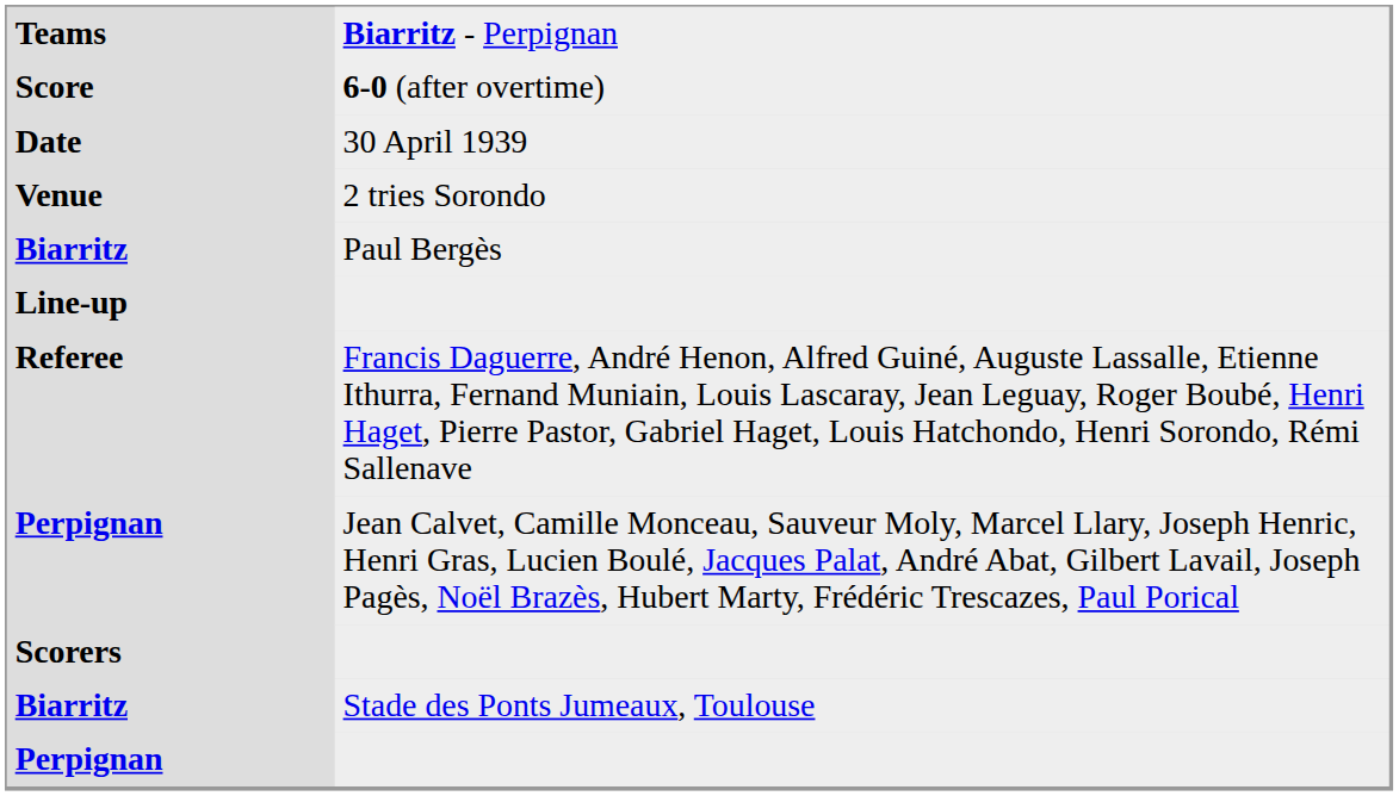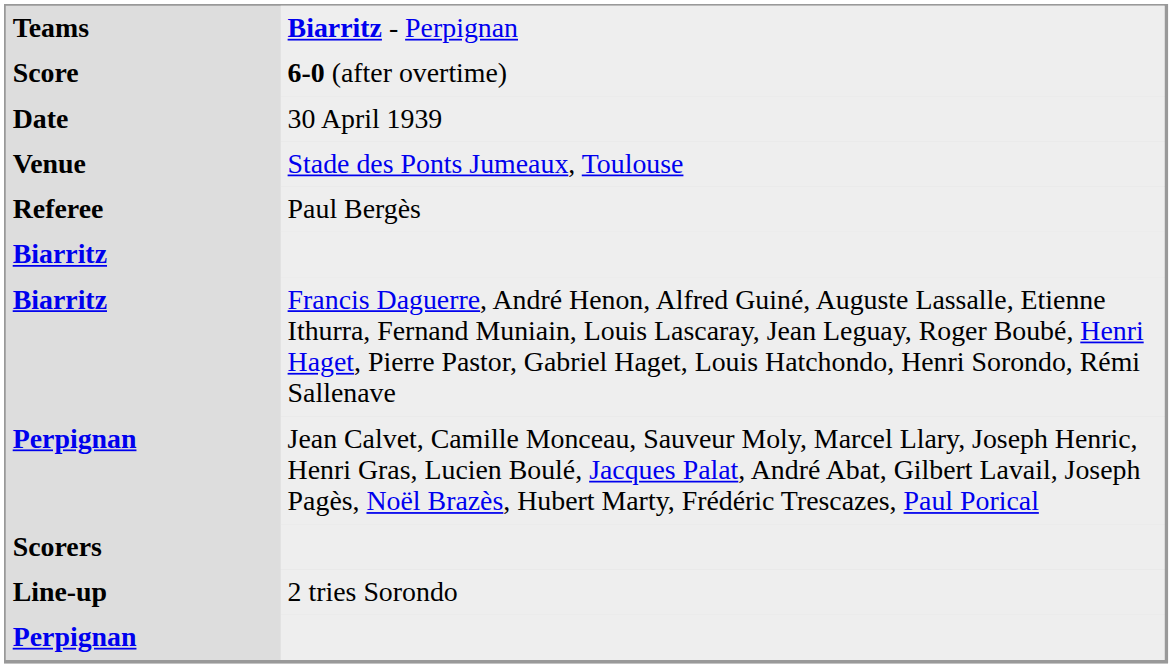 <table align="left" cellpadding="4" cellspacing="0"  style="margin: 0 0 0 0; border: 1px solid #999; border-right-width: 2px; border-bottom-width: 2px; background-color: #DDDDDD">
 <tr>
 <td width="150" valign="top"><strong>Teams</strong></td>
 <td width="500" bgcolor=#EEEEEE><strong><a href='#'>Biarritz</a> </strong> - <a href='#'>Perpignan</a></td>
 </tr>
 <tr>
 <td valign="top"><strong>Score</strong></td>
 <td bgcolor=#EEEEEE><strong>6-0</strong> (after overtime)</td>
 </tr>
 <tr>
 <td valign="top"><strong>Date</strong></td>
 <td bgcolor=#EEEEEE>30 April 1939</td>
 </tr>
 <tr>
 <td valign="top"><strong>Venue</strong></td>
-<td bgcolor=#EEEEEE>2 tries Sorondo</td>
+<td bgcolor=#EEEEEE><a href='#'>Stade des Ponts Jumeaux</a>, <a href='#'>Toulouse</a></td>
+</tr>
+<tr>
+<td valign="top"><strong>Referee</strong></td>
+<td bgcolor=#EEEEEE>Paul Bergès</td>
+</tr>
+<tr>
+<td valign="top"><strong><a href='#'>Biarritz</a>  </strong></td>
+<td bgcolor=#EEEEEE></td>
 </tr>
 <tr>
 <td valign="top"><strong><a href='#'>Biarritz</a> </strong></td>
-<td bgcolor=#EEEEEE>Paul Bergès</td>
-</tr>
-<tr>
-<td valign="top"><strong>Line-up</strong></td>
-<td bgcolor=#EEEEEE></td>
-</tr>
-<tr>
-<td valign="top"><strong>Referee</strong></td>
 <td bgcolor=#EEEEEE><a href='#'>Francis Daguerre</a>, André Henon, Alfred Guiné, Auguste Lassalle, Etienne Ithurra, Fernand Muniain, Louis Lascaray, Jean Leguay, Roger Boubé, <a href='#'>Henri Haget</a>, Pierre Pastor, Gabriel Haget, Louis Hatchondo, Henri Sorondo, Rémi Sallenave</td>
 </tr>
 <tr>
 <td valign="top"><strong><a href='#'>Perpignan</a>  </strong></td>
 <td bgcolor=#EEEEEE>Jean Calvet, Camille Monceau, Sauveur Moly, Marcel Llary, Joseph Henric, Henri Gras, Lucien Boulé, <a href='#'>Jacques Palat</a>, André Abat, Gilbert Lavail, Joseph Pagès, <a href='#'>Noël Brazès</a>, Hubert Marty, Frédéric Trescazes, <a href='#'>Paul Porical</a></td>
 </tr>
 <tr>
 <td valign="top"><strong>Scorers</strong></td>
 <td bgcolor=#EEEEEE></td>
 </tr>
 <tr>
-<td valign="top"><strong><a href='#'>Biarritz</a>  </strong></td>
-<td bgcolor=#EEEEEE><a href='#'>Stade des Ponts Jumeaux</a>, <a href='#'>Toulouse</a></td>
+<td valign="top"><strong>Line-up</strong></td>
+<td bgcolor=#EEEEEE>2 tries Sorondo</td>
 </tr>
 <tr>
 <td valign="top"><strong><a href='#'>Perpignan</a>  </strong></td>
 <td bgcolor=#EEEEEE></td>
 </tr>
 </table>
